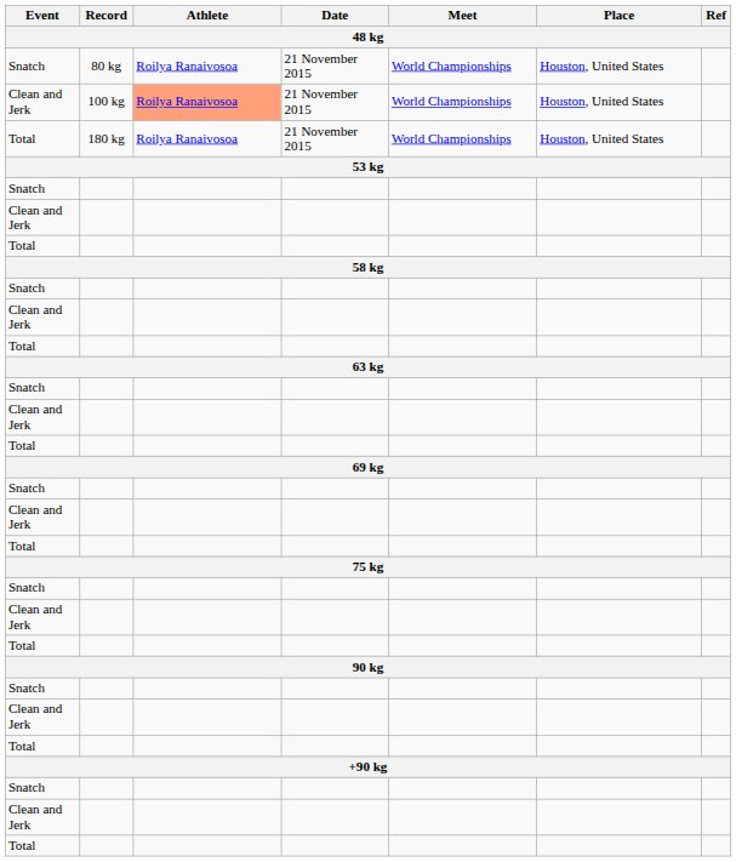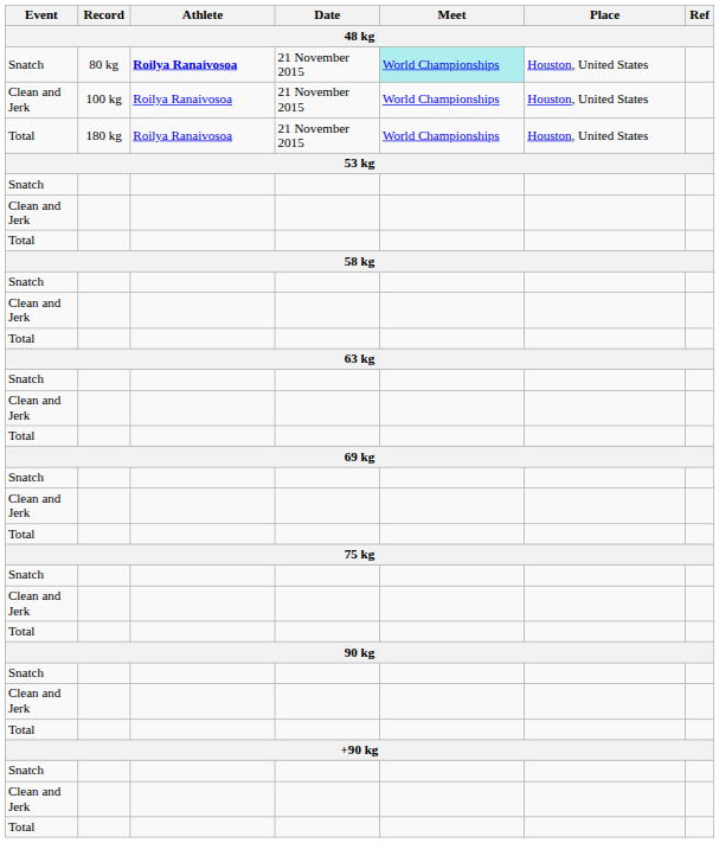 <table class="wikitable">
 <tr>
 <th width=9%>Event</th>
 <th width=6%>Record</th>
 <th width=18%>Athlete</th>
 <th width=13%>Date</th>
 <th width=18%>Meet</th>
 <th width=20%>Place</th>
 <th width=3%>Ref</th>
 </tr>
 <tr bgcolor="#DDDDDD">
 <th colspan="8">48 kg</th>
 </tr>
 <tr>
 <td>Snatch</td>
 <td align="center">80 kg</td>
-<td><a href='#'>Roilya Ranaivosoa</a></td>
+<td><strong><a href='#'>Roilya Ranaivosoa</a></strong></td>
 <td>21 November 2015</td>
-<td><a href='#'>World Championships</a></td>
+<td style="background: paleturquoise;"><a href='#'>World Championships</a></td>
 <td> <a href='#'>Houston</a>, United States</td>
 <td></td>
 </tr>
 <tr>
 <td>Clean and Jerk</td>
 <td align="center">100 kg</td>
-<td style="background: lightsalmon;"><a href='#'>Roilya Ranaivosoa</a></td>
+<td><a href='#'>Roilya Ranaivosoa</a></td>
 <td>21 November 2015</td>
 <td><a href='#'>World Championships</a></td>
 <td> <a href='#'>Houston</a>, United States</td>
 <td></td>
 </tr>
 <tr>
 <td>Total</td>
 <td align="center">180 kg</td>
 <td><a href='#'>Roilya Ranaivosoa</a></td>
 <td>21 November 2015</td>
 <td><a href='#'>World Championships</a></td>
 <td> <a href='#'>Houston</a>, United States</td>
 <td></td>
 </tr>
 <tr bgcolor="#DDDDDD">
 <th colspan="8">53 kg</th>
 </tr>
 <tr>
 <td>Snatch</td>
 <td></td>
 <td></td>
 <td></td>
 <td></td>
 <td></td>
 <td></td>
 </tr>
 <tr>
 <td>Clean and Jerk</td>
 <td></td>
 <td></td>
 <td></td>
 <td></td>
 <td></td>
 <td></td>
 </tr>
 <tr>
 <td>Total</td>
 <td></td>
 <td></td>
 <td></td>
 <td></td>
 <td></td>
 <td></td>
 </tr>
 <tr bgcolor="#DDDDDD">
 <th colspan="8">58 kg</th>
 </tr>
 <tr>
 <td>Snatch</td>
 <td align="center"></td>
 <td></td>
 <td></td>
 <td></td>
 <td></td>
 <td></td>
 </tr>
 <tr>
 <td>Clean and Jerk</td>
 <td></td>
 <td></td>
 <td></td>
 <td></td>
 <td></td>
 <td></td>
 </tr>
 <tr>
 <td>Total</td>
 <td align="center"></td>
 <td></td>
 <td></td>
 <td></td>
 <td></td>
 <td></td>
 </tr>
 <tr bgcolor="#DDDDDD">
 <th colspan="8">63 kg</th>
 </tr>
 <tr>
 <td>Snatch</td>
 <td></td>
 <td></td>
 <td></td>
 <td></td>
 <td></td>
 <td></td>
 </tr>
 <tr>
 <td>Clean and Jerk</td>
 <td></td>
 <td></td>
 <td></td>
 <td></td>
 <td></td>
 <td></td>
 </tr>
 <tr>
 <td>Total</td>
 <td></td>
 <td></td>
 <td></td>
 <td></td>
 <td></td>
 <td></td>
 </tr>
 <tr bgcolor="#DDDDDD">
 <th colspan="8">69 kg</th>
 </tr>
 <tr>
 <td>Snatch</td>
 <td></td>
 <td></td>
 <td></td>
 <td></td>
 <td></td>
 <td></td>
 </tr>
 <tr>
 <td>Clean and Jerk</td>
 <td></td>
 <td></td>
 <td></td>
 <td></td>
 <td></td>
 <td></td>
 </tr>
 <tr>
 <td>Total</td>
 <td></td>
 <td></td>
 <td></td>
 <td></td>
 <td></td>
 <td></td>
 </tr>
 <tr bgcolor="#DDDDDD">
 <th colspan="8">75 kg</th>
 </tr>
 <tr>
 <td>Snatch</td>
 <td></td>
 <td></td>
 <td></td>
 <td></td>
 <td></td>
 <td></td>
 </tr>
 <tr>
 <td>Clean and Jerk</td>
 <td></td>
 <td></td>
 <td></td>
 <td></td>
 <td></td>
 <td></td>
 </tr>
 <tr>
 <td>Total</td>
 <td></td>
 <td></td>
 <td></td>
 <td></td>
 <td></td>
 <td></td>
 </tr>
 <tr bgcolor="#DDDDDD">
 <th colspan="8">90 kg</th>
 </tr>
 <tr>
 <td>Snatch</td>
 <td></td>
 <td></td>
 <td></td>
 <td></td>
 <td></td>
 <td></td>
 </tr>
 <tr>
 <td>Clean and Jerk</td>
 <td></td>
 <td></td>
 <td></td>
 <td></td>
 <td></td>
 <td></td>
 </tr>
 <tr>
 <td>Total</td>
 <td></td>
 <td></td>
 <td></td>
 <td></td>
 <td></td>
 <td></td>
 </tr>
 <tr bgcolor="#DDDDDD">
 <th colspan="8">+90 kg</th>
 </tr>
 <tr>
 <td>Snatch</td>
 <td></td>
 <td></td>
 <td></td>
 <td></td>
 <td></td>
 <td></td>
 </tr>
 <tr>
 <td>Clean and Jerk</td>
 <td></td>
 <td></td>
 <td></td>
 <td></td>
 <td></td>
 <td></td>
 </tr>
 <tr>
 <td>Total</td>
 <td></td>
 <td></td>
 <td></td>
 <td></td>
 <td></td>
 <td></td>
 </tr>
 </table>
